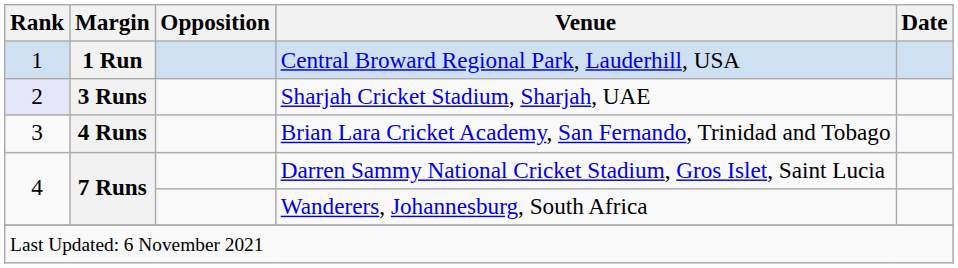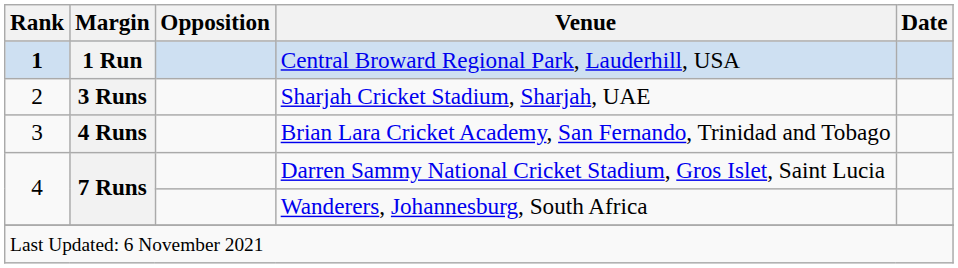 <table class="wikitable plainrowheaders sortable">
 <tr>
 <th scope=col>Rank</th>
 <th scope=col>Margin</th>
 <th scope=col>Opposition</th>
 <th scope=col>Venue</th>
 <th scope=col>Date</th>
 </tr>
 <tr bgcolor=#cee0f2>
-<td align=center>1</td>
+<td align=center><strong>1</strong></td>
 <th scope=row style=text-align:center>1 Run</th>
 <td></td>
 <td><a href='#'>Central Broward Regional Park</a>, <a href='#'>Lauderhill</a>, USA</td>
 <td></td>
 </tr>
 <tr>
-<td align=center style="background: lavender;">2</td>
+<td align=center>2</td>
 <th scope=row style=text-align:center>3 Runs</th>
 <td></td>
 <td><a href='#'>Sharjah Cricket Stadium</a>, <a href='#'>Sharjah</a>, UAE</td>
 <td> </td>
 </tr>
 <tr>
 <td align=center>3</td>
 <th scope=row style=text-align:center>4 Runs</th>
 <td></td>
 <td><a href='#'>Brian Lara Cricket Academy</a>, <a href='#'>San Fernando</a>, Trinidad and Tobago</td>
 <td></td>
 </tr>
 <tr>
 <td align=center rowspan=2>4</td>
 <th scope=row style=text-align:center rowspan=2>7 Runs</th>
 <td></td>
 <td><a href='#'>Darren Sammy National Cricket Stadium</a>, <a href='#'>Gros Islet</a>, Saint Lucia</td>
 <td></td>
 </tr>
 <tr>
 <td></td>
 <td><a href='#'>Wanderers</a>, <a href='#'>Johannesburg</a>, South Africa</td>
 <td></td>
 </tr>
 <tr>
 </tr>
 <tr class=sortbottom>
 <td colspan=5><small>Last Updated: 6 November 2021</small></td>
 </tr>
 </table>
